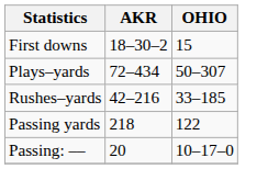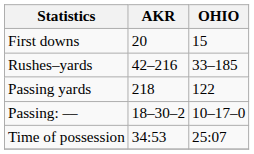 <table class="wikitable" style="float:left">
 <tr>
 <th>Statistics</th>
 <th>AKR</th>
 <th>OHIO</th>
 </tr>
 <tr>
 <td>First downs</td>
-<td>18–30–2</td>
+<td>20</td>
 <td>15</td>
-</tr>
-<tr>
-<td>Plays–yards</td>
-<td>72–434</td>
-<td>50–307</td>
 </tr>
 <tr>
 <td>Rushes–yards</td>
 <td>42–216</td>
 <td>33–185</td>
 </tr>
 <tr>
 <td>Passing yards</td>
 <td>218</td>
 <td>122</td>
 </tr>
 <tr>
 <td>Passing: ––</td>
-<td>20</td>
+<td>18–30–2</td>
 <td>10–17–0</td>
+</tr>
+<tr>
+<td>Time of possession</td>
+<td>34:53</td>
+<td>25:07</td>
 </tr>
 <tr>
 </tr>
 </table>
